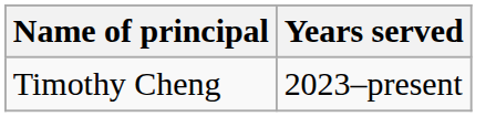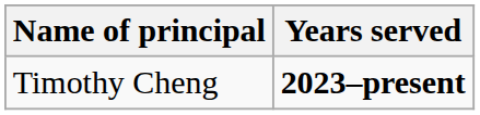 <table class="wikitable">
 <tr>
 <th>Name of principal</th>
 <th>Years served</th>
 </tr>
 <tr>
 <td>Timothy Cheng</td>
-<td>2023–present</td>
+<td><strong>2023–present</strong></td>
 </tr>
 </table>
